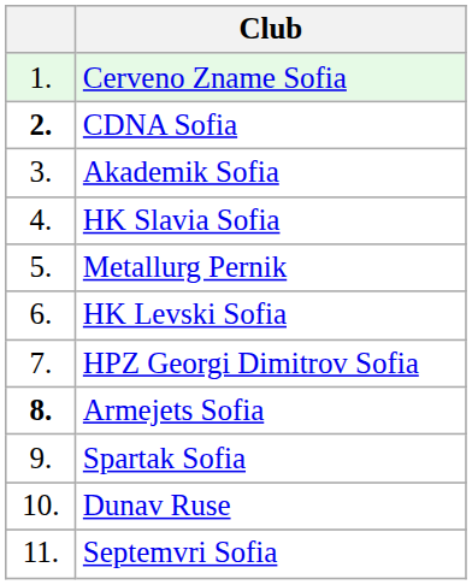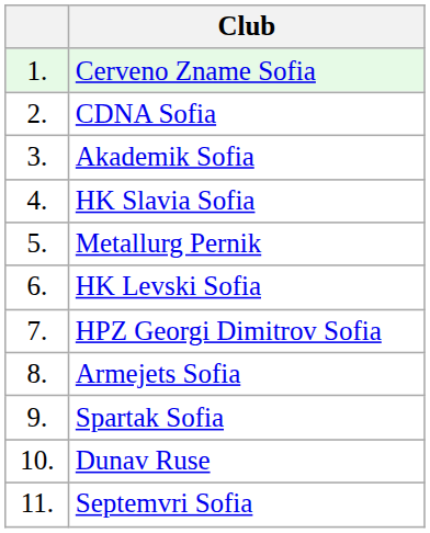 <table class="wikitable">
 <tr>
 <th width="30"></th>
 <th width="200">Club</th>
 </tr>
 <tr bgcolor="#e6fae6" align="center">
 <td>1.</td>
 <td align="left"><a href='#'>Cerveno Zname Sofia</a></td>
 </tr>
 <tr bgcolor="#FFFFFF" align="center">
-<td><strong>2.</strong></td>
+<td>2.</td>
 <td align="left"><a href='#'>CDNA Sofia</a></td>
 </tr>
 <tr bgcolor="#FFFFFF" align="center">
 <td>3.</td>
 <td align="left"><a href='#'>Akademik Sofia</a></td>
 </tr>
 <tr bgcolor="#FFFFFF" align="center">
 <td>4.</td>
 <td align="left"><a href='#'>HK Slavia Sofia</a></td>
 </tr>
 <tr bgcolor="#FFFFFF" align="center">
 <td>5.</td>
 <td align="left"><a href='#'>Metallurg Pernik</a></td>
 </tr>
 <tr bgcolor="#FFFFFF" align="center">
 <td>6.</td>
 <td align="left"><a href='#'>HK Levski Sofia</a></td>
 </tr>
 <tr bgcolor="#FFFFFF" align="center">
 <td>7.</td>
 <td align="left"><a href='#'>HPZ Georgi Dimitrov Sofia</a></td>
 </tr>
 <tr bgcolor="#FFFFFF" align="center">
-<td><strong>8.</strong></td>
+<td>8.</td>
 <td align="left"><a href='#'>Armejets Sofia</a></td>
 </tr>
 <tr bgcolor="#FFFFFF" align="center">
 <td>9.</td>
 <td align="left"><a href='#'>Spartak Sofia</a></td>
 </tr>
 <tr bgcolor="#FFFFFF" align="center">
 <td>10.</td>
 <td align="left"><a href='#'>Dunav Ruse</a></td>
 </tr>
 <tr bgcolor="#FFFFFF" align="center">
 <td>11.</td>
 <td align="left"><a href='#'>Septemvri Sofia</a></td>
 </tr>
 </table>
